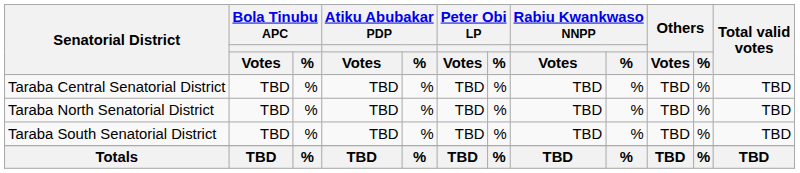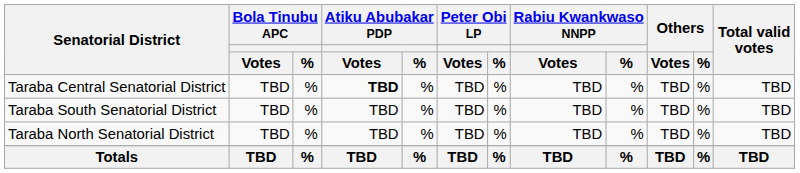 <table class="wikitable sortable" style="text-align:right; font-size:90%">
 <tr>
 <th rowspan="3" style="max-width:7.5em;">Senatorial District</th>
 <th colspan="2"><a href='#'>Bola Tinubu</a><br><small>APC</small></th>
 <th colspan="2"><a href='#'>Atiku Abubakar</a><br><small>PDP</small></th>
 <th colspan="2"><a href='#'>Peter Obi</a><br><small>LP</small></th>
 <th colspan="2"><a href='#'>Rabiu Kwankwaso</a><br><small>NNPP</small></th>
 <th colspan="2" rowspan="2">Others</th>
 <th rowspan="3" style="max-width:5em;">Total valid votes</th>
 </tr>
 <tr>
 <th colspan=2 style="background-color:"></th>
 <th colspan=2 style="background-color:"></th>
 <th colspan=2 style="background-color:"></th>
 <th colspan=2 style="background-color:"></th>
 </tr>
 <tr>
 <th>Votes</th>
 <th>%</th>
 <th>Votes</th>
 <th>%</th>
 <th>Votes</th>
 <th>%</th>
 <th>Votes</th>
 <th>%</th>
 <th>Votes</th>
 <th>%</th>
 </tr>
 <tr style="background-color:#">
 <td style="text-align:left;">Taraba Central Senatorial District</td>
 <td>TBD</td>
 <td>%</td>
-<td>TBD</td>
+<td><strong>TBD</strong></td>
 <td>%</td>
 <td>TBD</td>
 <td>%</td>
 <td>TBD</td>
 <td>%</td>
 <td>TBD</td>
 <td>%</td>
 <td>TBD</td>
 </tr>
 <tr style="background-color:#">
-<td style="text-align:left;">Taraba North Senatorial District</td>
+<td style="text-align:left;">Taraba South Senatorial District</td>
 <td>TBD</td>
 <td>%</td>
 <td>TBD</td>
 <td>%</td>
 <td>TBD</td>
 <td>%</td>
 <td>TBD</td>
 <td>%</td>
 <td>TBD</td>
 <td>%</td>
 <td>TBD</td>
 </tr>
 <tr style="background-color:#">
-<td style="text-align:left;">Taraba South Senatorial District</td>
+<td style="text-align:left;">Taraba North Senatorial District</td>
 <td>TBD</td>
 <td>%</td>
 <td>TBD</td>
 <td>%</td>
 <td>TBD</td>
 <td>%</td>
 <td>TBD</td>
 <td>%</td>
 <td>TBD</td>
 <td>%</td>
 <td>TBD</td>
 </tr>
 <tr>
 </tr>
 <tr>
 <th>Totals</th>
 <th>TBD</th>
 <th>%</th>
 <th>TBD</th>
 <th>%</th>
 <th>TBD</th>
 <th>%</th>
 <th>TBD</th>
 <th>%</th>
 <th>TBD</th>
 <th>%</th>
 <th>TBD</th>
 </tr>
 </table>
